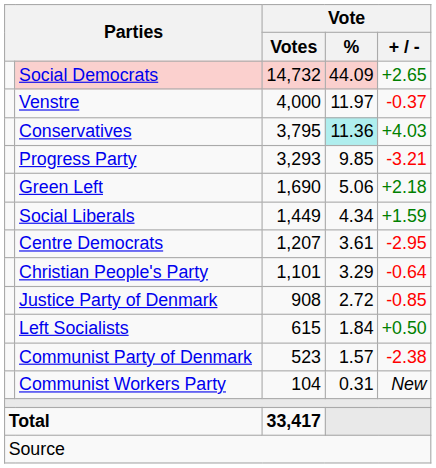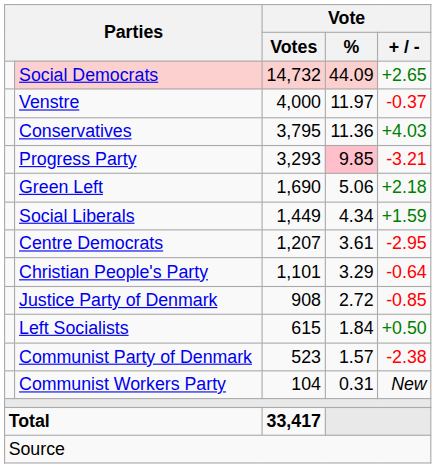 <table class="wikitable" style="text-align:right;">
 <tr>
 <th style="text-align:centre;" rowspan="2" colspan="2" width="225">Parties</th>
 <th colspan="3">Vote</th>
 </tr>
 <tr>
 <th width="15">Votes</th>
 <th width="15">%</th>
 <th width="15">+ / -</th>
 </tr>
 <tr>
 <td width="2" style="color:inherit;background:"></td>
 <td bgcolor=#fbd0ce  align="left"><a href='#'>Social Democrats</a></td>
 <td bgcolor=#fbd0ce>14,732</td>
 <td bgcolor=#fbd0ce>44.09</td>
 <td style=color:green;>+2.65</td>
 </tr>
 <tr>
 <td width="2" style="color:inherit;background:"></td>
 <td align="left"><a href='#'>Venstre</a></td>
 <td>4,000</td>
 <td>11.97</td>
 <td style=color:red;>-0.37</td>
 </tr>
 <tr>
 <td width="2" style="color:inherit;background:"></td>
 <td align="left"><a href='#'>Conservatives</a></td>
 <td>3,795</td>
-<td style="background: paleturquoise;">11.36</td>
+<td>11.36</td>
 <td style=color:green;>+4.03</td>
 </tr>
 <tr>
 <td width="2" style="color:inherit;background:"></td>
 <td align="left"><a href='#'>Progress Party</a></td>
 <td>3,293</td>
-<td>9.85</td>
+<td style="background: pink;">9.85</td>
 <td style=color:red;>-3.21</td>
 </tr>
 <tr>
 <td width="2" style="color:inherit;background:"></td>
 <td align="left"><a href='#'>Green Left</a></td>
 <td>1,690</td>
 <td>5.06</td>
 <td style=color:green;>+2.18</td>
 </tr>
 <tr>
 <td width="2" style="color:inherit;background:"></td>
 <td align="left"><a href='#'>Social Liberals</a></td>
 <td>1,449</td>
 <td>4.34</td>
 <td style=color:green;>+1.59</td>
 </tr>
 <tr>
 <td width="2" style="color:inherit;background:"></td>
 <td align="left"><a href='#'>Centre Democrats</a></td>
 <td>1,207</td>
 <td>3.61</td>
 <td style=color:red;>-2.95</td>
 </tr>
 <tr>
 <td width="2" style="color:inherit;background:"></td>
 <td align="left"><a href='#'>Christian People's Party</a></td>
 <td>1,101</td>
 <td>3.29</td>
 <td style=color:red;>-0.64</td>
 </tr>
 <tr>
 <td width="2" style="color:inherit;background:"></td>
 <td align="left"><a href='#'>Justice Party of Denmark</a></td>
 <td>908</td>
 <td>2.72</td>
 <td style=color:red;>-0.85</td>
 </tr>
 <tr>
 <td width="2" style="color:inherit;background:"></td>
 <td align="left"><a href='#'>Left Socialists</a></td>
 <td>615</td>
 <td>1.84</td>
 <td style=color:green;>+0.50</td>
 </tr>
 <tr>
 <td width="2" style="color:inherit;background:"></td>
 <td align="left"><a href='#'>Communist Party of Denmark</a></td>
 <td>523</td>
 <td>1.57</td>
 <td style=color:red;>-2.38</td>
 </tr>
 <tr>
 <td width="2" style="color:inherit;background:"></td>
 <td align="left"><a href='#'>Communist Workers Party</a></td>
 <td>104</td>
 <td>0.31</td>
 <td><em>New</em></td>
 </tr>
 <tr>
 <td colspan="7" bgcolor="#E9E9E9"></td>
 </tr>
 <tr>
 <td align="left" colspan="2"><strong>Total</strong></td>
 <td><strong>33,417</strong></td>
 <td bgcolor="#E9E9E9" colspan="2"></td>
 </tr>
 <tr>
 <td align="left" colspan="6">Source</td>
 </tr>
 </table>
